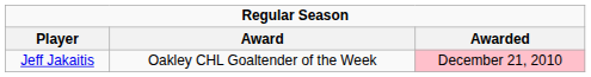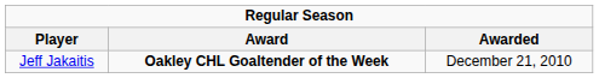 <table class="wikitable" width="52%" style="text-align:center">
 <tr>
 <td colspan="10" align="center"><strong>Regular Season</strong></td>
 </tr>
 <tr>
 <th>Player</th>
 <th>Award</th>
 <th>Awarded</th>
 </tr>
 <tr>
 <td><a href='#'>Jeff Jakaitis</a></td>
-<td>Oakley CHL Goaltender of the Week</td>
-<td style="background: pink;">December 21, 2010</td>
+<td><strong>Oakley CHL Goaltender of the Week</strong></td>
+<td>December 21, 2010</td>
 </tr>
 </table>
